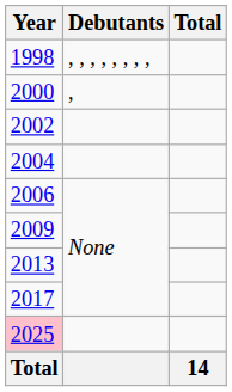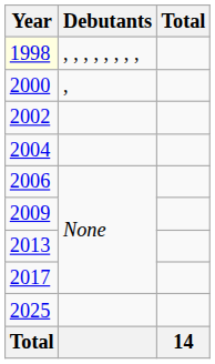 <table class="wikitable" style="text-align:">
 <tr>
 <th>Year</th>
 <th>Debutants</th>
 <th>Total</th>
 </tr>
 <tr>
-<td><a href='#'>1998</a></td>
+<td style="background: lightyellow;"><a href='#'>1998</a></td>
 <td>, , , , , , , , </td>
 <td><strong></strong></td>
 </tr>
 <tr>
 <td><a href='#'>2000</a></td>
 <td>, </td>
 <td><strong></strong></td>
 </tr>
 <tr>
 <td><a href='#'>2002</a></td>
 <td></td>
 <td><strong></strong></td>
 </tr>
 <tr>
 <td><a href='#'>2004</a></td>
 <td></td>
 <td><strong></strong></td>
 </tr>
 <tr>
 <td><a href='#'>2006</a></td>
 <td rowspan="4"><em>None</em></td>
 <td></td>
 </tr>
 <tr>
 <td><a href='#'>2009</a></td>
 <td></td>
 </tr>
 <tr>
 <td><a href='#'>2013</a></td>
 <td></td>
 </tr>
 <tr>
 <td><a href='#'>2017</a></td>
 <td></td>
 </tr>
 <tr>
-<td style="background: pink;"><a href='#'>2025</a></td>
+<td><a href='#'>2025</a></td>
 <td></td>
 <td><strong></strong></td>
 </tr>
 <tr>
 <th>Total</th>
 <th></th>
 <th>14</th>
 </tr>
 </table>
